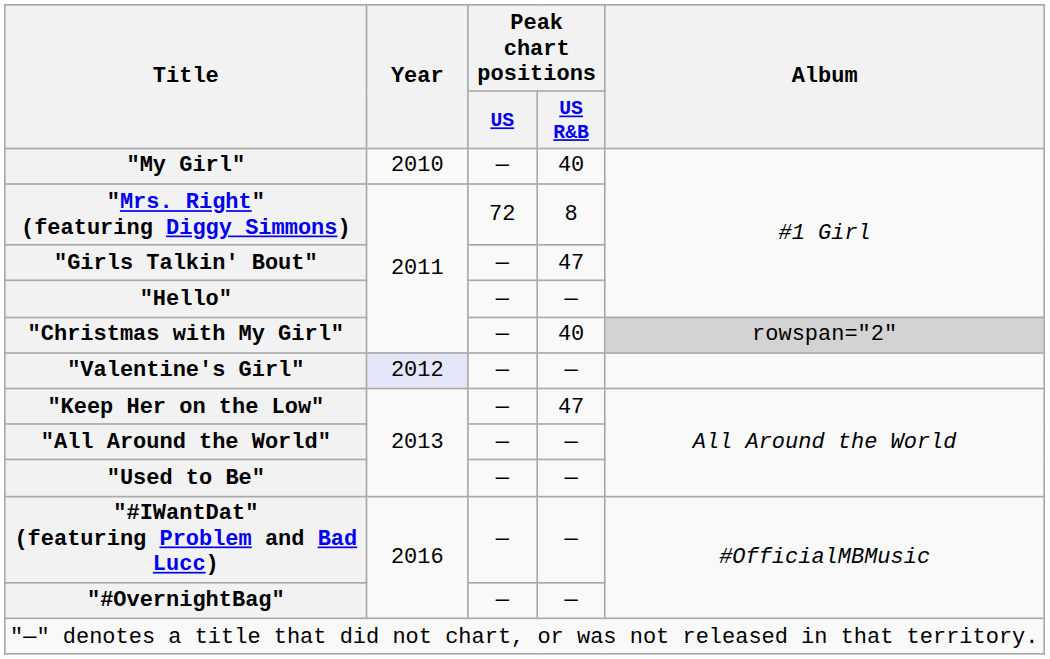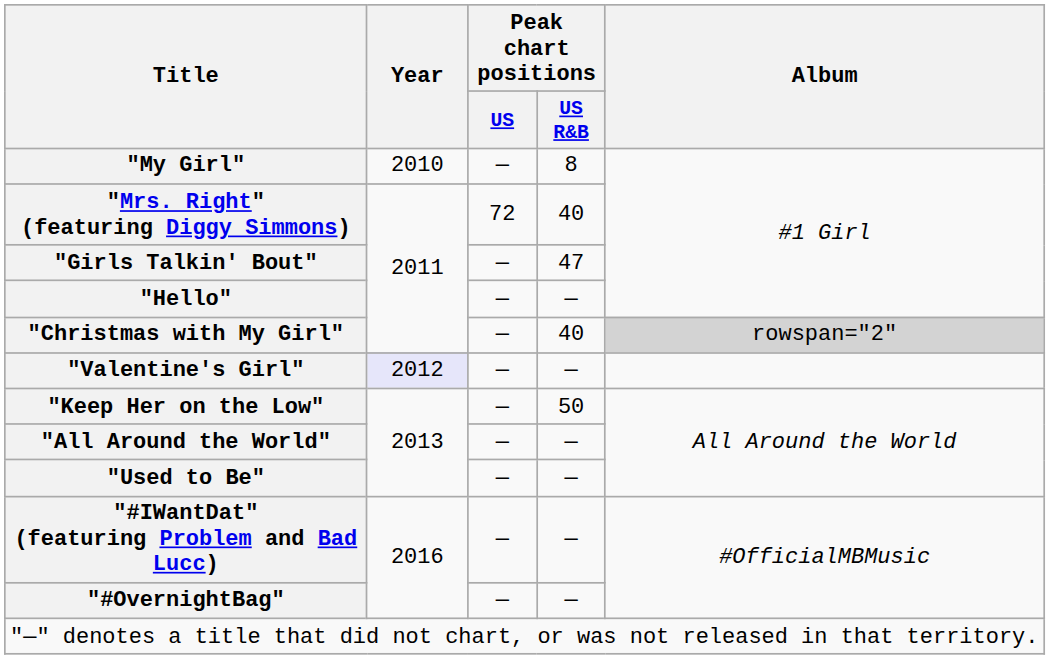 <table class="wikitable plainrowheaders" style="text-align:center;">
 <tr>
 <th scope="col" rowspan="2" style="width:16em;">Title</th>
 <th scope="col" rowspan="2">Year</th>
 <th scope="col" colspan="2">Peak chart positions</th>
 <th scope="col" rowspan="2">Album</th>
 </tr>
 <tr>
 <th scope="col" style="width:3em;font-size:90%;"><a href='#'>US</a><br></th>
 <th scope="col" style="width:3em;font-size:90%;"><a href='#'>US R&B</a><br></th>
 </tr>
 <tr>
 <th scope="row">"My Girl" <br><span></span></th>
 <td>2010</td>
 <td>—</td>
-<td>40</td>
+<td>8</td>
 <td rowspan="4"><em>#1 Girl</em></td>
 </tr>
 <tr>
 <th scope="row">"<a href='#'>Mrs. Right</a>" <br><span>(featuring <a href='#'>Diggy Simmons</a>)</span></th>
 <td rowspan="4">2011</td>
 <td>72</td>
-<td>8</td>
+<td>40</td>
 </tr>
 <tr>
 <th scope="row">"Girls Talkin' Bout" <br><span></span></th>
 <td>—</td>
 <td>47</td>
 </tr>
 <tr>
 <th scope="row">"Hello" <br><span></span></th>
 <td>—</td>
 <td>—</td>
 </tr>
 <tr>
 <th scope="row">"Christmas with My Girl" <br><span></span></th>
 <td>—</td>
 <td>40</td>
 <td style="background: lightgrey;">rowspan="2" </td>
 </tr>
 <tr>
 <th scope="row">"Valentine's Girl" <br><span></span></th>
 <td style="background: lavender;">2012</td>
 <td>—</td>
 <td>—</td>
 </tr>
 <tr>
 <th scope="row">"Keep Her on the Low"</th>
 <td rowspan="3">2013</td>
 <td>—</td>
-<td>47</td>
+<td>50</td>
 <td rowspan="3"><em>All Around the World</em></td>
 </tr>
 <tr>
 <th scope="row">"All Around the World" <br><span></span></th>
 <td>—</td>
 <td>—</td>
 </tr>
 <tr>
 <th scope="row">"Used to Be" <br><span></span></th>
 <td>—</td>
 <td>—</td>
 </tr>
 <tr>
 <th scope="row">"#IWantDat"<br><span>(featuring <a href='#'>Problem</a> and <a href='#'>Bad Lucc</a>)</span></th>
 <td rowspan="2">2016</td>
 <td>—</td>
 <td>—</td>
 <td rows—pan="2" rowspan="2"><em>#OfficialMBMusic</em></td>
 </tr>
 <tr>
 <th scope="row">"#OvernightBag" <br><span></span></th>
 <td>—</td>
 <td>—</td>
 </tr>
 <tr>
 <td colspan="5">"—" denotes a title that did not chart, or was not released in that territory.</td>
 </tr>
 </table>
